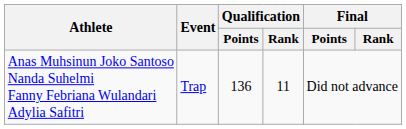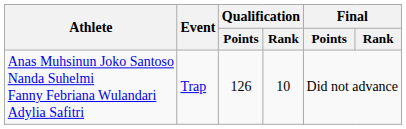 <table class=wikitable style=font-size:88%;text-align:center>
 <tr>
 <th rowspan=2>Athlete</th>
 <th rowspan=2>Event</th>
 <th colspan=2>Qualification</th>
 <th colspan=2>Final</th>
 </tr>
 <tr style=font-size:95%>
 <th>Points</th>
 <th>Rank</th>
 <th>Points</th>
 <th>Rank</th>
 </tr>
 <tr>
 <td align=left><a href='#'>Anas Muhsinun Joko Santoso</a><br><a href='#'>Nanda Suhelmi</a><br><a href='#'>Fanny Febriana Wulandari</a><br><a href='#'>Adylia Safitri</a></td>
 <td align=left rowspan=2><a href='#'>Trap</a></td>
-<td>136</td>
-<td>11</td>
+<td>126</td>
+<td>10</td>
 <td colspan="2">Did not advance</td>
 </tr>
 </table>
